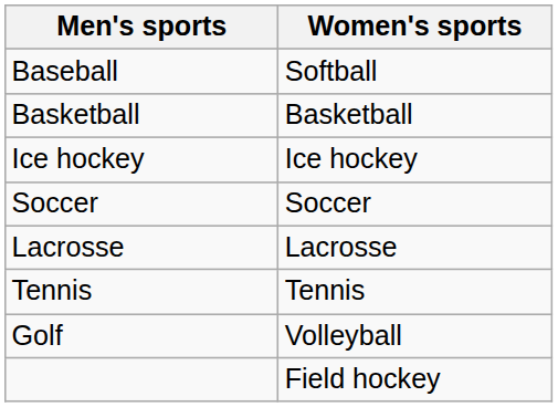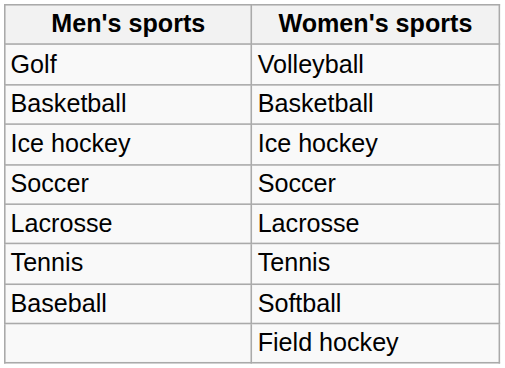 <table class="wikitable" style=>
 <tr>
 <th width=150px>Men's sports</th>
 <th width=150px>Women's sports</th>
 </tr>
 <tr>
-<td>Baseball</td>
-<td>Softball</td>
+<td>Golf</td>
+<td>Volleyball</td>
 </tr>
 <tr>
 <td>Basketball</td>
 <td>Basketball</td>
 </tr>
 <tr>
 <td>Ice hockey</td>
 <td>Ice hockey</td>
 </tr>
 <tr>
 <td>Soccer</td>
 <td>Soccer</td>
 </tr>
 <tr>
 <td>Lacrosse</td>
 <td>Lacrosse</td>
 </tr>
 <tr>
 <td>Tennis</td>
 <td>Tennis</td>
 </tr>
 <tr>
-<td>Golf</td>
-<td>Volleyball</td>
+<td>Baseball</td>
+<td>Softball</td>
 </tr>
 <tr>
 <td></td>
 <td>Field hockey</td>
 </tr>
 </table>
